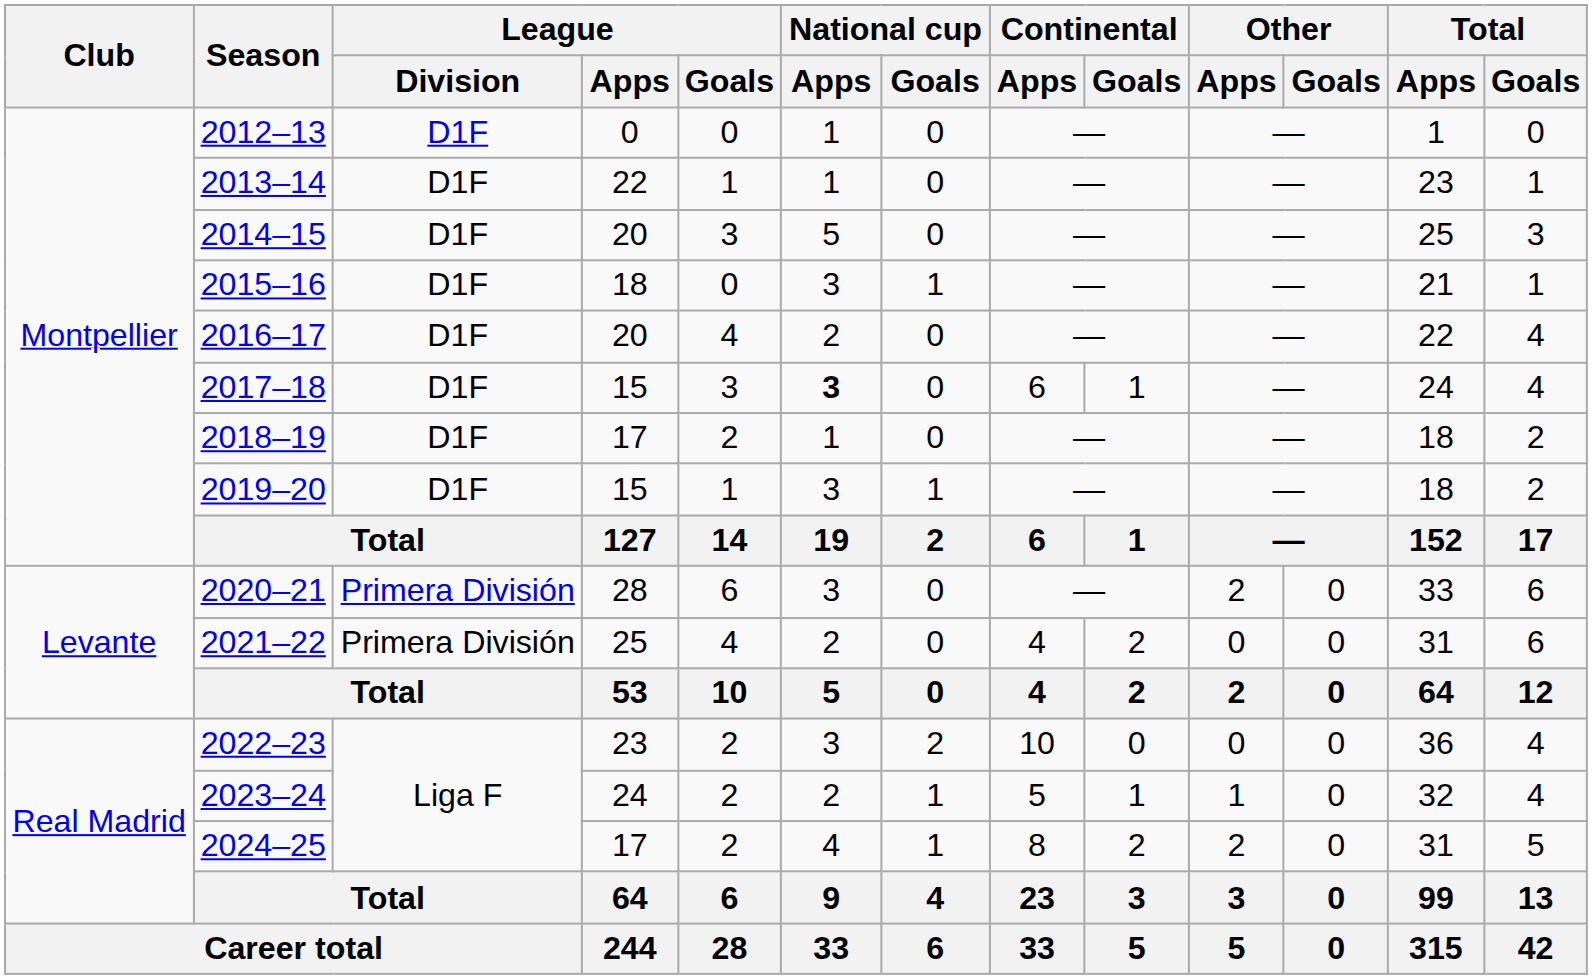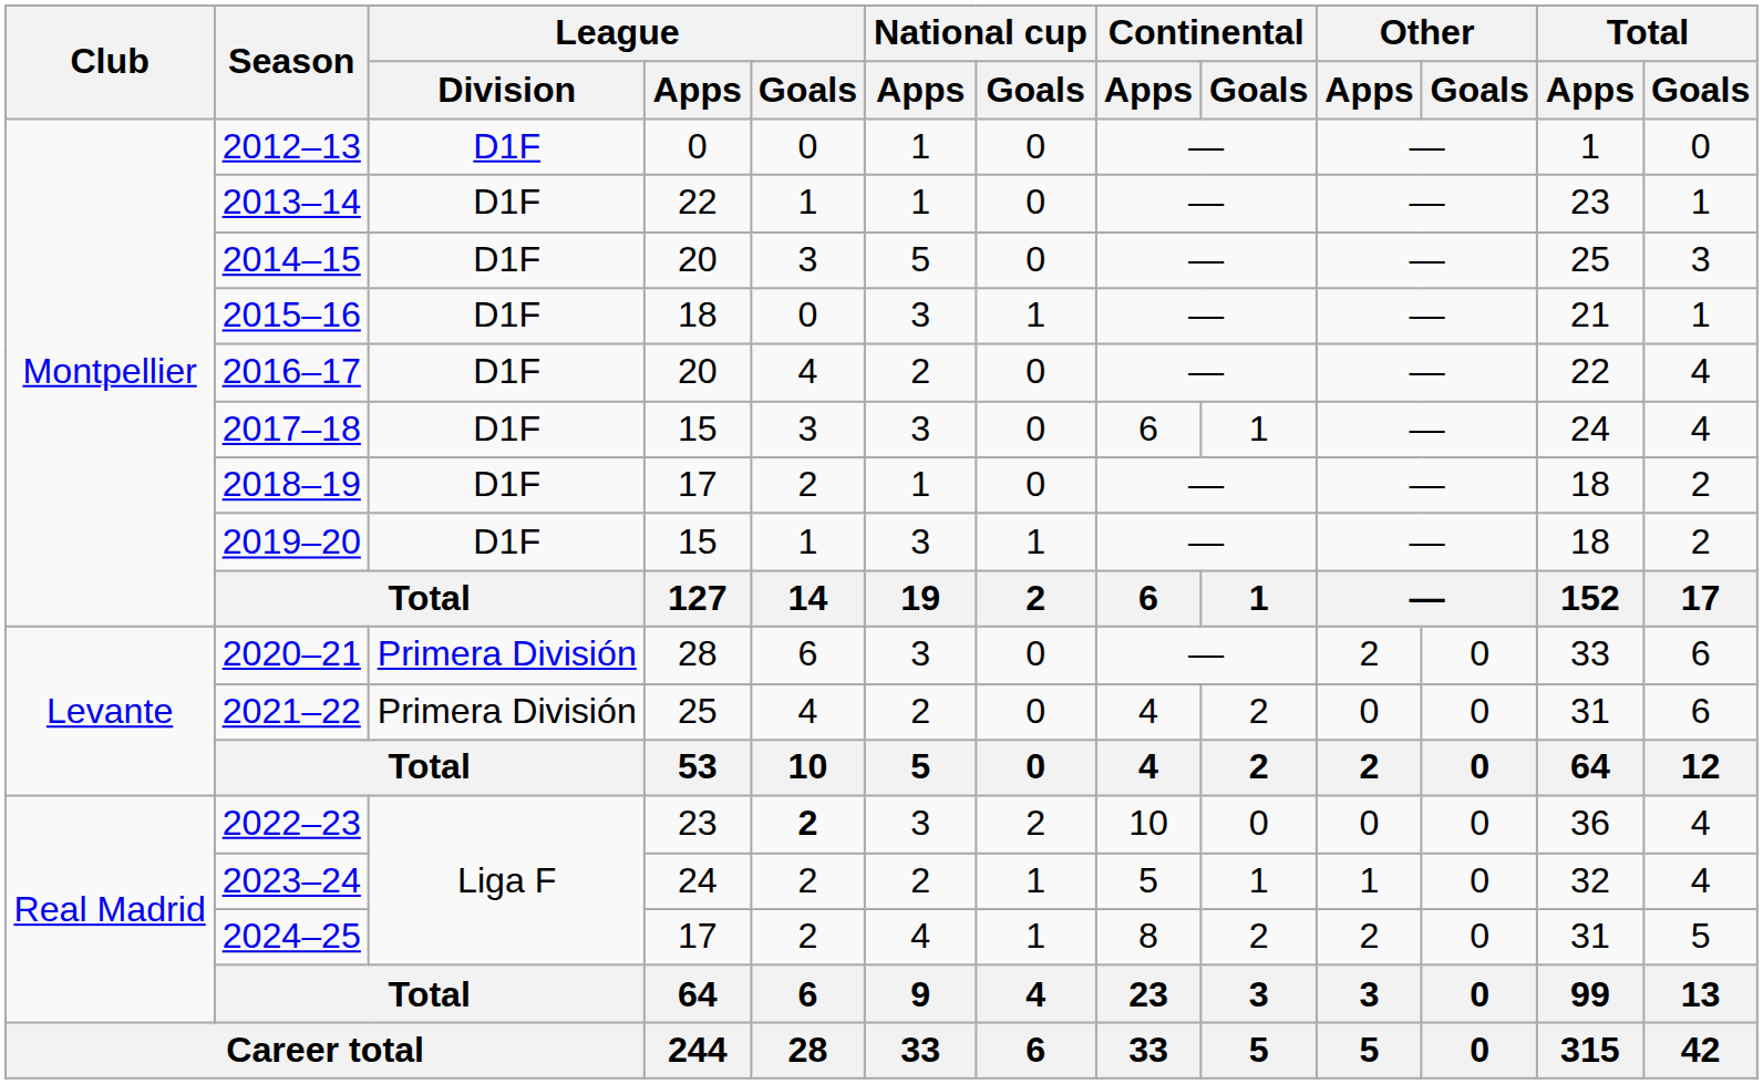 <table class="wikitable" style="text-align:center">
 <tr>
 <th rowspan="2">Club</th>
 <th rowspan="2">Season</th>
 <th colspan="3">League</th>
 <th colspan="2">National cup</th>
 <th colspan="2">Continental</th>
 <th colspan="2">Other</th>
 <th colspan="2">Total</th>
 </tr>
 <tr>
 <th>Division</th>
 <th>Apps</th>
 <th>Goals</th>
 <th>Apps</th>
 <th>Goals</th>
 <th>Apps</th>
 <th>Goals</th>
 <th>Apps</th>
 <th>Goals</th>
 <th>Apps</th>
 <th>Goals</th>
 </tr>
 <tr>
 <td rowspan="9"><a href='#'>Montpellier</a></td>
 <td><a href='#'>2012–13</a></td>
 <td><a href='#'>D1F</a></td>
 <td>0</td>
 <td>0</td>
 <td>1</td>
 <td>0</td>
 <td colspan="2">—</td>
 <td colspan="2">—</td>
 <td>1</td>
 <td>0</td>
 </tr>
 <tr>
 <td><a href='#'>2013–14</a></td>
 <td>D1F</td>
 <td>22</td>
 <td>1</td>
 <td>1</td>
 <td>0</td>
 <td colspan="2">—</td>
 <td colspan="2">—</td>
 <td>23</td>
 <td>1</td>
 </tr>
 <tr>
 <td><a href='#'>2014–15</a></td>
 <td>D1F</td>
 <td>20</td>
 <td>3</td>
 <td>5</td>
 <td>0</td>
 <td colspan="2">—</td>
 <td colspan="2">—</td>
 <td>25</td>
 <td>3</td>
 </tr>
 <tr>
 <td><a href='#'>2015–16</a></td>
 <td>D1F</td>
 <td>18</td>
 <td>0</td>
 <td>3</td>
 <td>1</td>
 <td colspan="2">—</td>
 <td colspan="2">—</td>
 <td>21</td>
 <td>1</td>
 </tr>
 <tr>
 <td><a href='#'>2016–17</a></td>
 <td>D1F</td>
 <td>20</td>
 <td>4</td>
 <td>2</td>
 <td>0</td>
 <td colspan="2">—</td>
 <td colspan="2">—</td>
 <td>22</td>
 <td>4</td>
 </tr>
 <tr>
 <td><a href='#'>2017–18</a></td>
 <td>D1F</td>
 <td>15</td>
 <td>3</td>
-<td><strong>3</strong></td>
+<td>3</td>
 <td>0</td>
 <td>6</td>
 <td>1</td>
 <td colspan="2">—</td>
 <td>24</td>
 <td>4</td>
 </tr>
 <tr>
 <td><a href='#'>2018–19</a></td>
 <td>D1F</td>
 <td>17</td>
 <td>2</td>
 <td>1</td>
 <td>0</td>
 <td colspan="2">—</td>
 <td colspan="2">—</td>
 <td>18</td>
 <td>2</td>
 </tr>
 <tr>
 <td><a href='#'>2019–20</a></td>
 <td>D1F</td>
 <td>15</td>
 <td>1</td>
 <td>3</td>
 <td>1</td>
 <td colspan="2">—</td>
 <td colspan="2">—</td>
 <td>18</td>
 <td>2</td>
 </tr>
 <tr>
 <th colspan="2">Total</th>
 <th>127</th>
 <th>14</th>
 <th>19</th>
 <th>2</th>
 <th>6</th>
 <th>1</th>
 <th colspan="2">—</th>
 <th>152</th>
 <th>17</th>
 </tr>
 <tr>
 <td rowspan="3"><a href='#'>Levante</a></td>
 <td><a href='#'>2020–21</a></td>
 <td><a href='#'>Primera División</a></td>
 <td>28</td>
 <td>6</td>
 <td>3</td>
 <td>0</td>
 <td colspan="2">—</td>
 <td>2</td>
 <td>0</td>
 <td>33</td>
 <td>6</td>
 </tr>
 <tr>
 <td><a href='#'>2021–22</a></td>
 <td>Primera División</td>
 <td>25</td>
 <td>4</td>
 <td>2</td>
 <td>0</td>
 <td>4</td>
 <td>2</td>
 <td>0</td>
 <td>0</td>
 <td>31</td>
 <td>6</td>
 </tr>
 <tr>
 <th colspan="2">Total</th>
 <th>53</th>
 <th>10</th>
 <th>5</th>
 <th>0</th>
 <th>4</th>
 <th>2</th>
 <th>2</th>
 <th>0</th>
 <th>64</th>
 <th>12</th>
 </tr>
 <tr>
 <td rowspan="4"><a href='#'>Real Madrid</a></td>
 <td><a href='#'>2022–23</a></td>
 <td rowspan="3">Liga F</td>
 <td>23</td>
-<td>2</td>
+<td><strong>2</strong></td>
 <td>3</td>
 <td>2</td>
 <td>10</td>
 <td>0</td>
 <td>0</td>
 <td>0</td>
 <td>36</td>
 <td>4</td>
 </tr>
 <tr>
 <td><a href='#'>2023–24</a></td>
 <td>24</td>
 <td>2</td>
 <td>2</td>
 <td>1</td>
 <td>5</td>
 <td>1</td>
 <td>1</td>
 <td>0</td>
 <td>32</td>
 <td>4</td>
 </tr>
 <tr>
 <td><a href='#'>2024–25</a></td>
 <td>17</td>
 <td>2</td>
 <td>4</td>
 <td>1</td>
 <td>8</td>
 <td>2</td>
 <td>2</td>
 <td>0</td>
 <td>31</td>
 <td>5</td>
 </tr>
 <tr>
 <th colspan="2">Total</th>
 <th>64</th>
 <th>6</th>
 <th>9</th>
 <th>4</th>
 <th>23</th>
 <th>3</th>
 <th>3</th>
 <th>0</th>
 <th>99</th>
 <th>13</th>
 </tr>
 <tr>
 <th colspan="3">Career total</th>
 <th>244</th>
 <th>28</th>
 <th>33</th>
 <th>6</th>
 <th>33</th>
 <th>5</th>
 <th>5</th>
 <th>0</th>
 <th>315</th>
 <th>42</th>
 </tr>
 </table>
